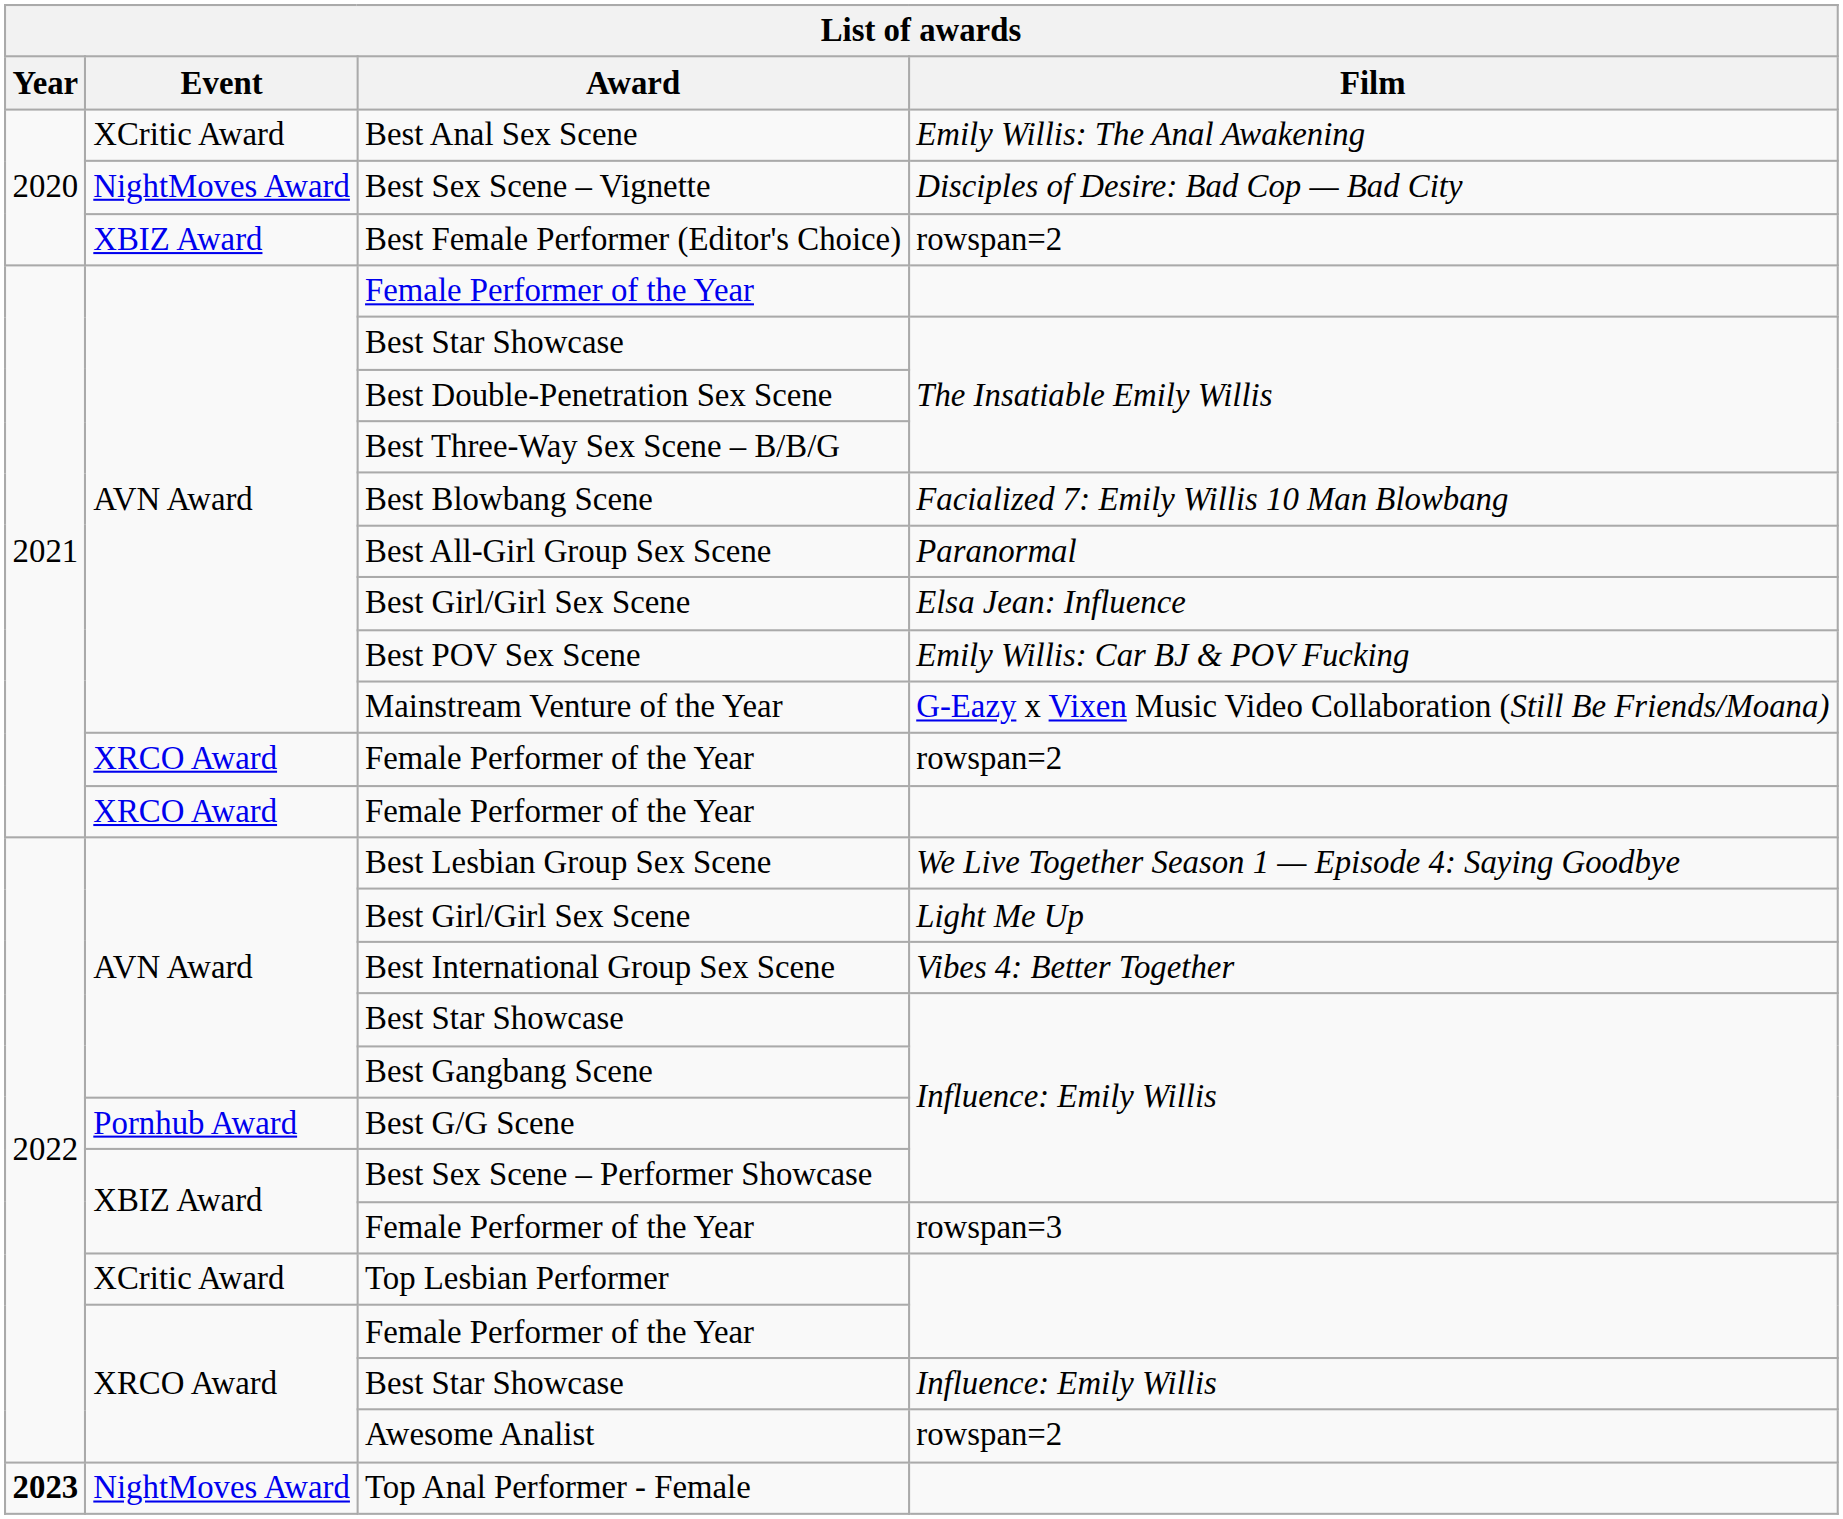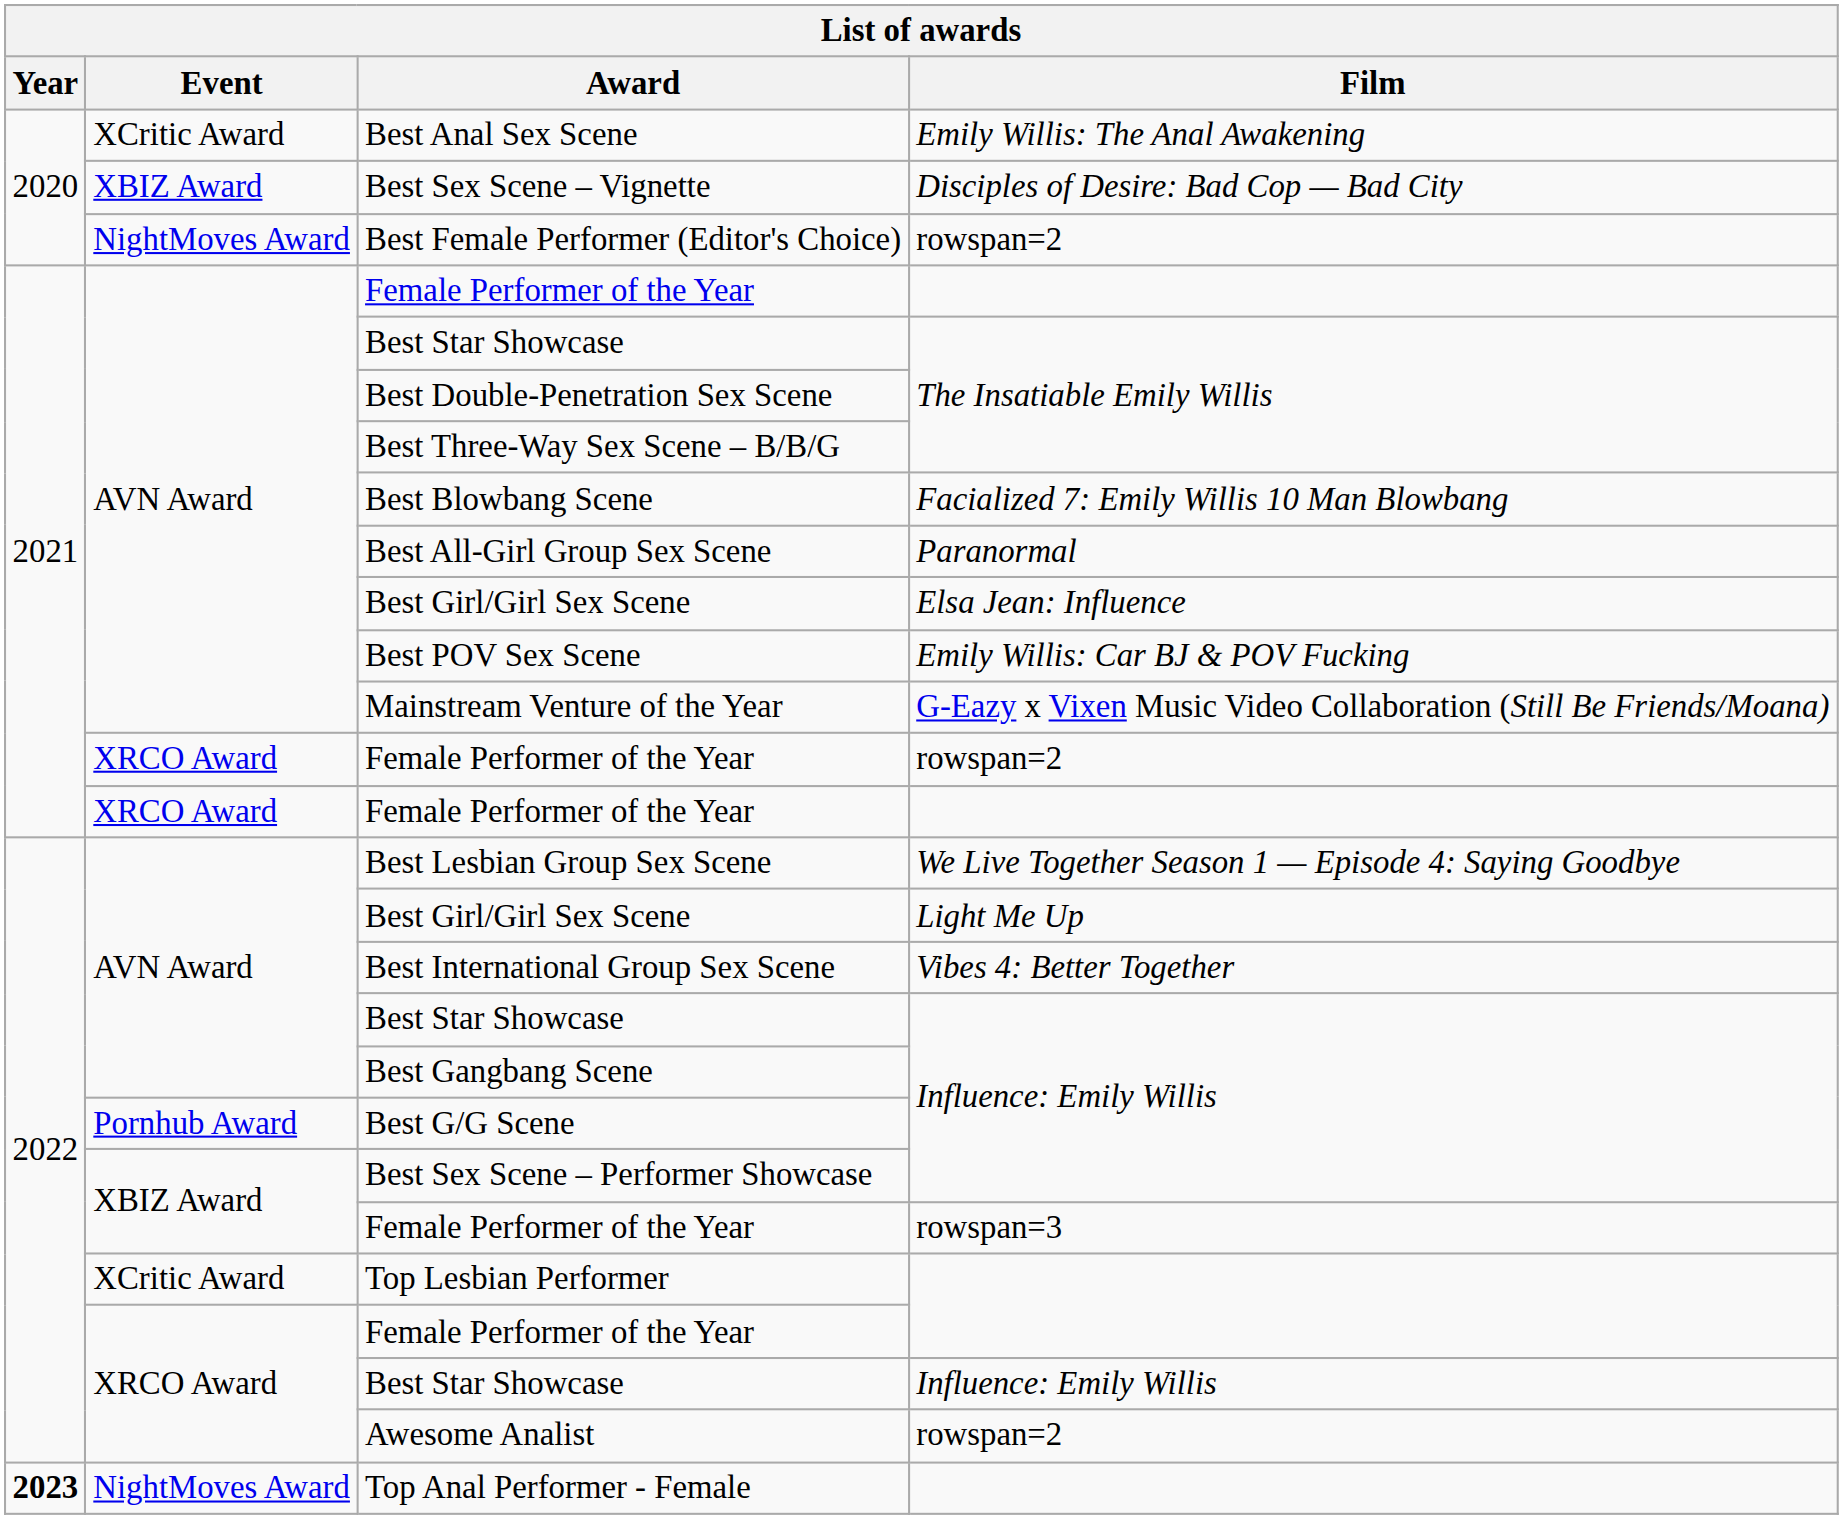 <table class="wikitable">
 <tr>
 <th colspan="4">List of awards</th>
 </tr>
 <tr>
 <th>Year</th>
 <th>Event</th>
 <th>Award</th>
 <th>Film</th>
 </tr>
 <tr>
 <td rowspan=3>2020</td>
 <td>XCritic Award</td>
 <td>Best Anal Sex Scene </td>
 <td><em>Emily Willis: The Anal Awakening</em></td>
 </tr>
 <tr>
-<td><a href='#'>NightMoves Award</a></td>
+<td><a href='#'>XBIZ Award</a></td>
 <td>Best Sex Scene – Vignette </td>
 <td><em>Disciples of Desire: Bad Cop — Bad City</em></td>
 </tr>
 <tr>
-<td><a href='#'>XBIZ Award</a></td>
+<td><a href='#'>NightMoves Award</a></td>
 <td>Best Female Performer (Editor's Choice)</td>
 <td>rowspan=2 </td>
 </tr>
 <tr>
 <td rowspan=11>2021</td>
 <td rowspan=9>AVN Award</td>
 <td><a href='#'>Female Performer of the Year</a></td>
 </tr>
 <tr>
 <td>Best Star Showcase</td>
 <td rowspan=3><em>The Insatiable Emily Willis</em></td>
 </tr>
 <tr>
 <td>Best Double-Penetration Sex Scene </td>
 </tr>
 <tr>
 <td>Best Three-Way Sex Scene – B/B/G </td>
 </tr>
 <tr>
 <td>Best Blowbang Scene</td>
 <td><em>Facialized 7: Emily Willis 10 Man Blowbang</em></td>
 </tr>
 <tr>
 <td>Best All-Girl Group Sex Scene </td>
 <td><em>Paranormal</em></td>
 </tr>
 <tr>
 <td>Best Girl/Girl Sex Scene </td>
 <td><em>Elsa Jean: Influence</em></td>
 </tr>
 <tr>
 <td>Best POV Sex Scene </td>
 <td><em>Emily Willis: Car BJ & POV Fucking</em></td>
 </tr>
 <tr>
 <td>Mainstream Venture of the Year </td>
 <td><a href='#'>G-Eazy</a> x <a href='#'>Vixen</a> Music Video Collaboration (<em>Still Be Friends/Moana)</em></td>
 </tr>
 <tr>
 <td><a href='#'>XRCO Award</a></td>
 <td>Female Performer of the Year</td>
 <td>rowspan=2 </td>
 </tr>
 <tr>
 <td><a href='#'>XRCO Award</a></td>
 <td>Female Performer of the Year</td>
 </tr>
 <tr>
 <td rowspan=12>2022</td>
 <td rowspan=5>AVN Award</td>
 <td>Best Lesbian Group Sex Scene </td>
 <td><em>We Live Together Season 1 — Episode 4: Saying Goodbye</em></td>
 </tr>
 <tr>
 <td>Best Girl/Girl Sex Scene </td>
 <td><em>Light Me Up</em></td>
 </tr>
 <tr>
 <td>Best International Group Sex Scene </td>
 <td><em>Vibes 4: Better Together</em></td>
 </tr>
 <tr>
 <td>Best Star Showcase</td>
 <td rowspan=4><em>Influence: Emily Willis</em></td>
 </tr>
 <tr>
 <td>Best Gangbang Scene </td>
 </tr>
 <tr>
 <td><a href='#'>Pornhub Award</a></td>
 <td>Best G/G Scene </td>
 </tr>
 <tr>
 <td rowspan=2>XBIZ Award</td>
 <td>Best Sex Scene – Performer Showcase </td>
 </tr>
 <tr>
 <td>Female Performer of the Year</td>
 <td>rowspan=3 </td>
 </tr>
 <tr>
 <td>XCritic Award</td>
 <td>Top Lesbian Performer</td>
 </tr>
 <tr>
 <td rowspan=3>XRCO Award</td>
 <td>Female Performer of the Year </td>
 </tr>
 <tr>
 <td>Best Star Showcase</td>
 <td><em>Influence: Emily Willis</em></td>
 </tr>
 <tr>
 <td>Awesome Analist</td>
 <td>rowspan=2 </td>
 </tr>
 <tr>
 <td><strong>2023</strong></td>
 <td><a href='#'>NightMoves Award</a></td>
 <td>Top Anal Performer - Female</td>
 </tr>
 </table>
